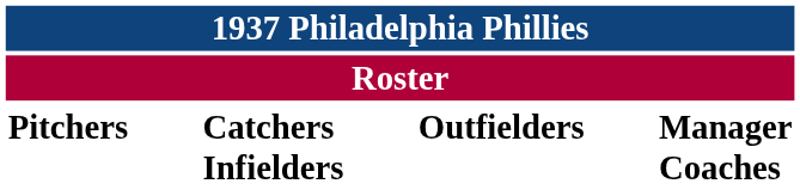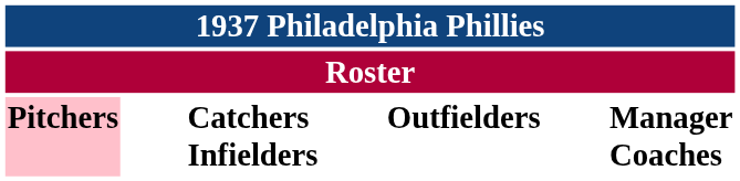 <table class="toccolours" style="font-size: 95%;">
 <tr>
 <th colspan="12" style="background-color: #0f437c; color: white; text-align: center;">1937 Philadelphia Phillies</th>
 </tr>
 <tr>
 <td colspan="10" style="background-color: #af0039; color: white; text-align: center;"><strong>Roster</strong></td>
 </tr>
 <tr>
-<td valign="top"><strong>Pitchers</strong><br>             </td>
+<td valign="top" style="background: pink;"><strong>Pitchers</strong><br>             </td>
 <td width="25px"></td>
 <td valign="top"><strong>Catchers</strong><br>    <strong>Infielders</strong>       </td>
 <td width="25px"></td>
 <td valign="top"><strong>Outfielders</strong><br>      </td>
 <td width="25px"></td>
 <td valign="top"><strong>Manager</strong><br> <strong>Coaches</strong> </td>
 </tr>
 </table>
